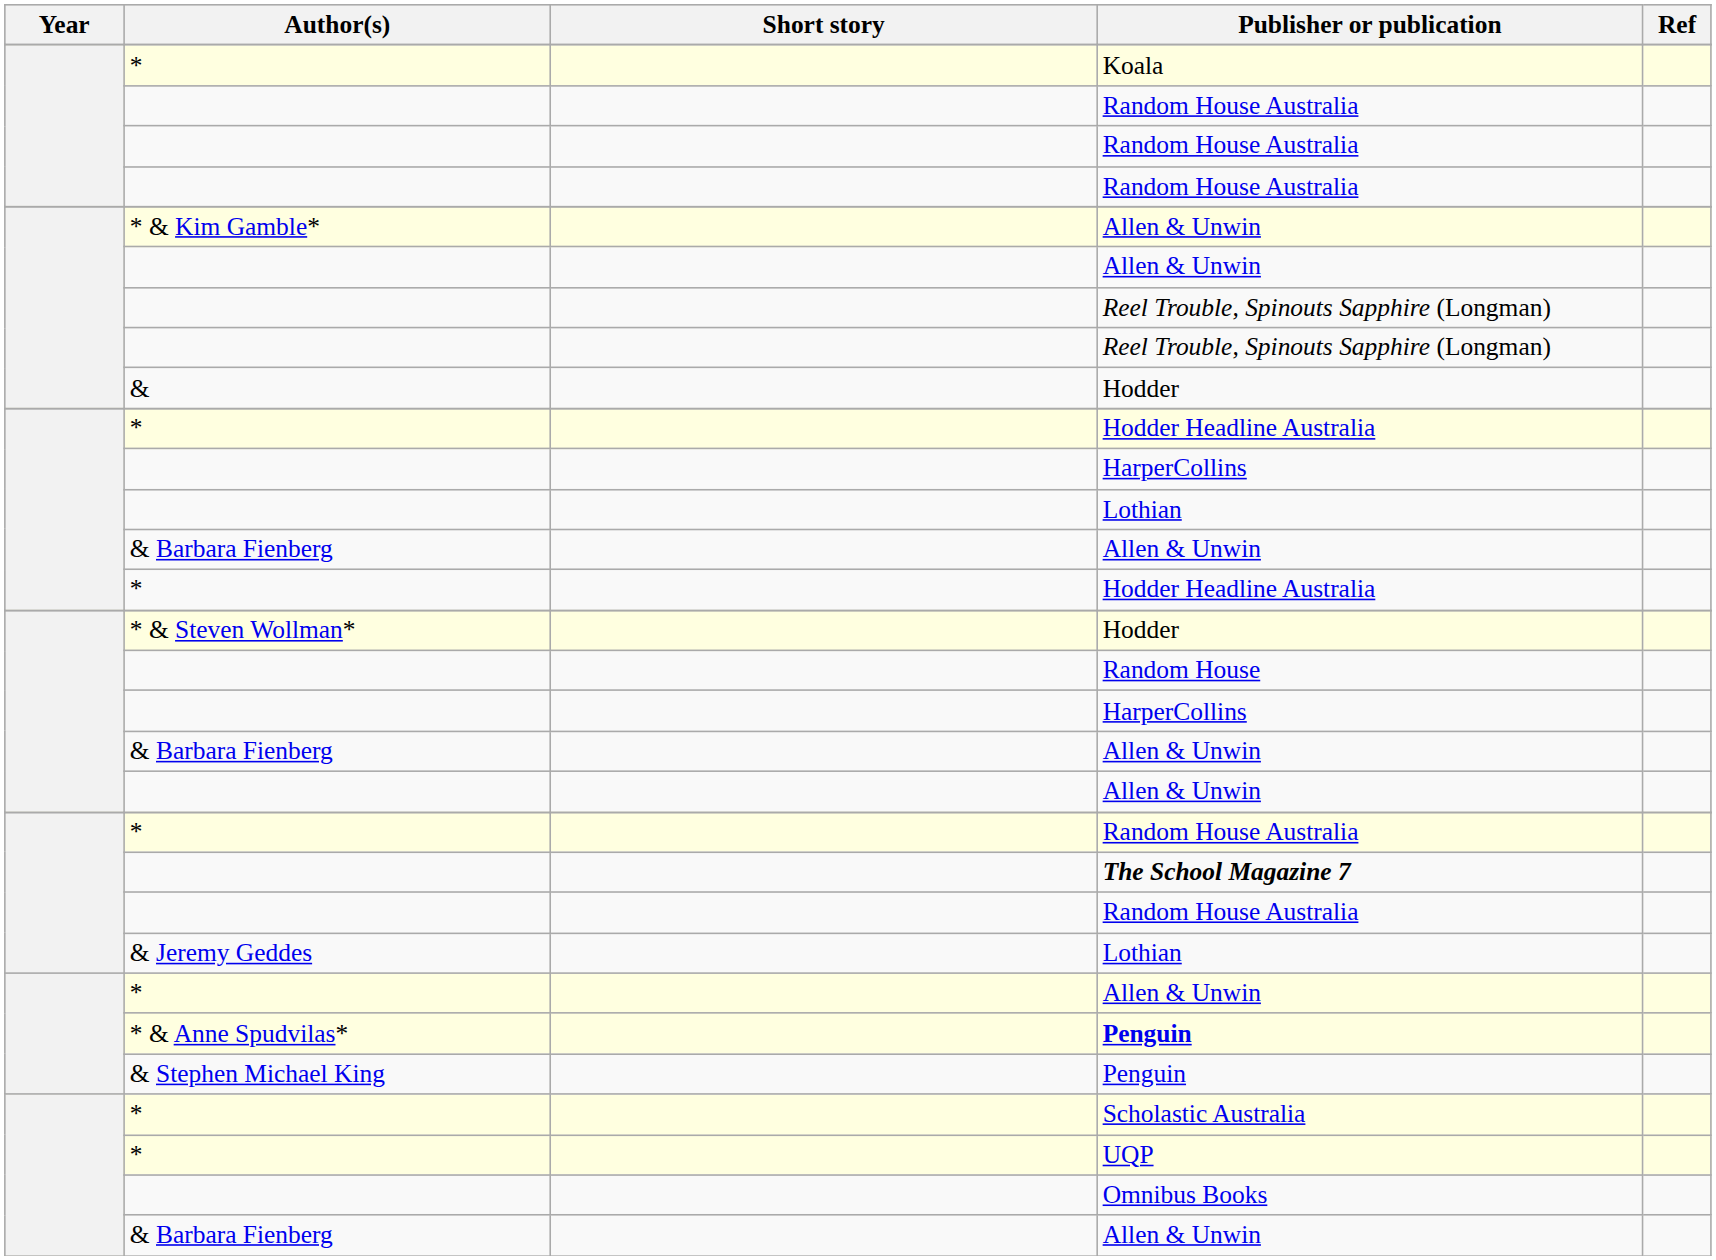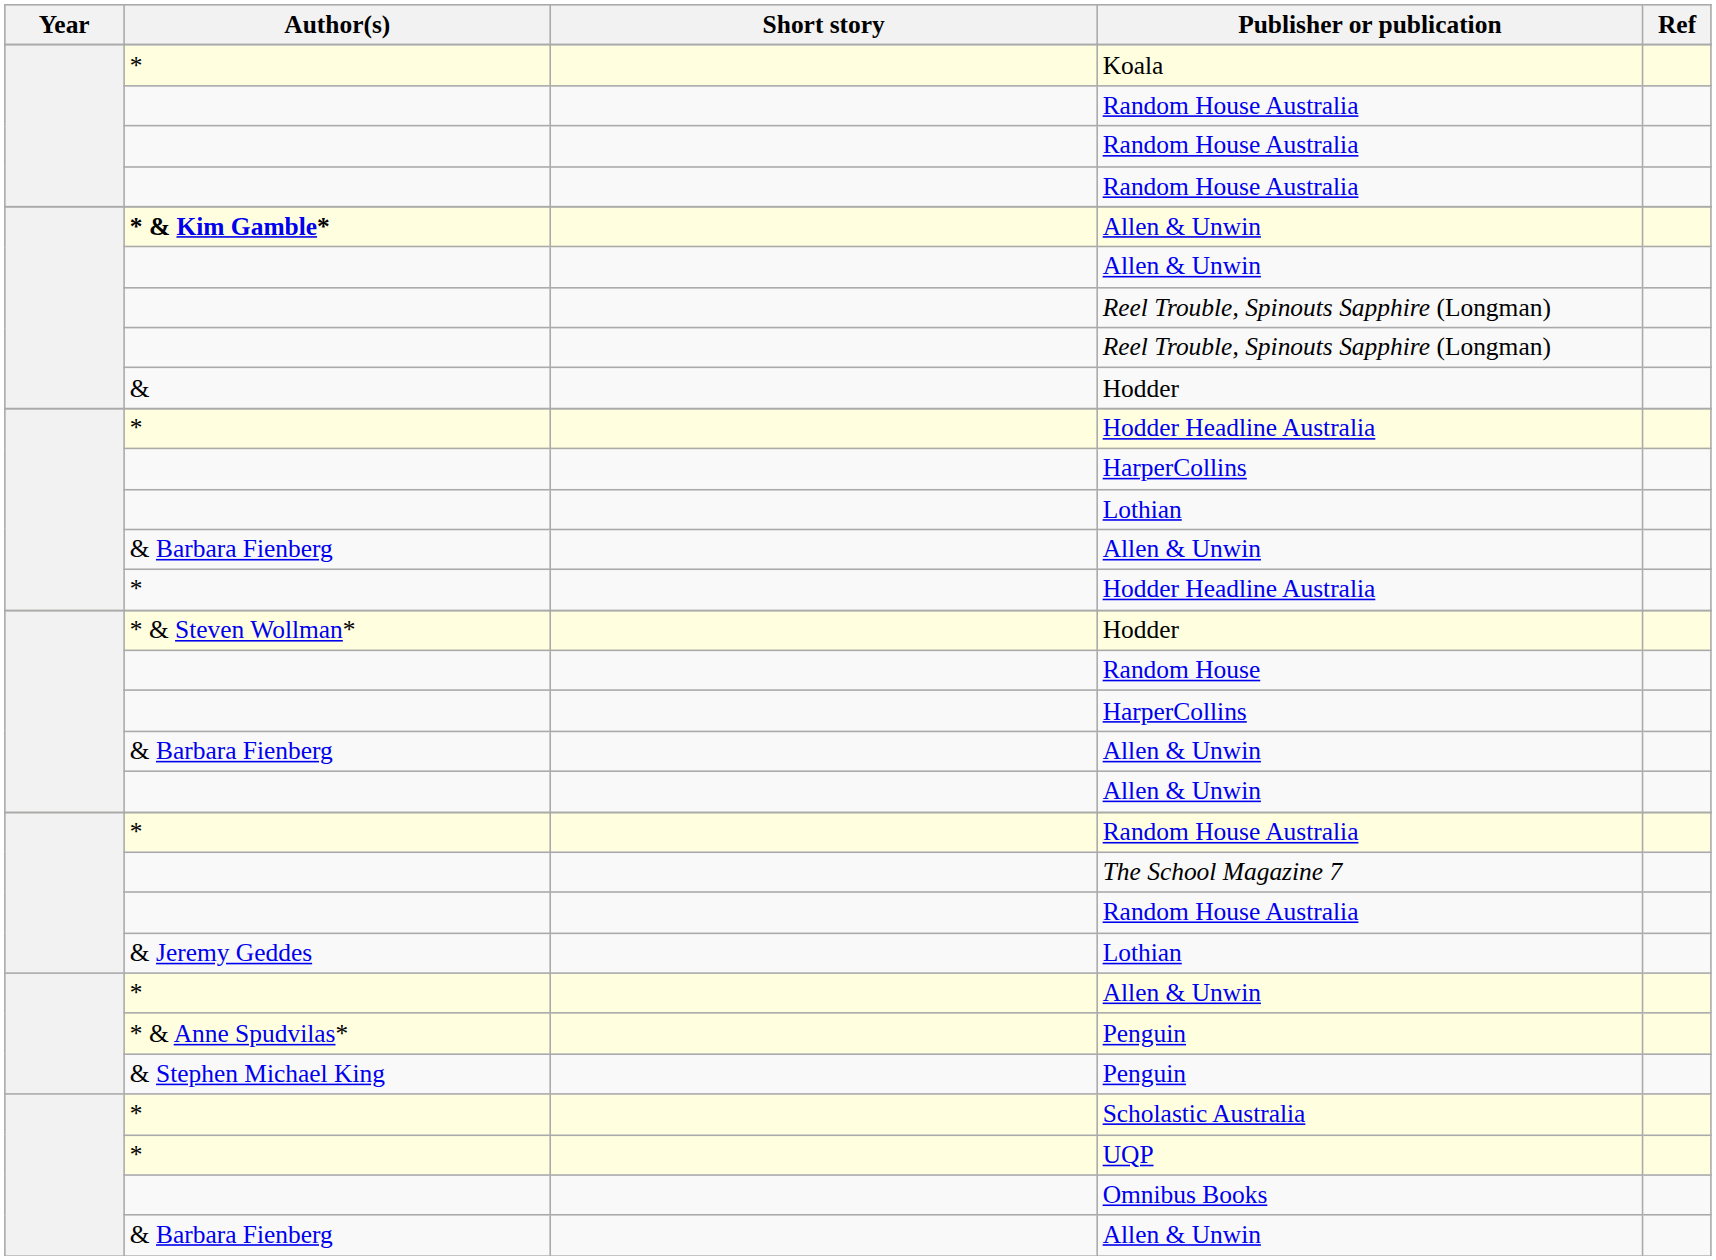 <table class="sortable wikitable" width="85%" style="margin: 1em auto 1em auto">
 <tr>
 <th width="7%">Year</th>
 <th width="25%">Author(s)</th>
 <th width="32%">Short story</th>
 <th width="32%">Publisher or publication</th>
 <th width="4%" class="unsortable">Ref</th>
 </tr>
 <tr>
 </tr>
 <tr style="background:lightyellow;">
 <th rowspan="4" align="center"></th>
 <td>*</td>
 <td><em></em></td>
 <td>Koala</td>
 <td></td>
 </tr>
 <tr>
 <td></td>
 <td><em></em></td>
 <td><a href='#'>Random House Australia</a></td>
 <td></td>
 </tr>
 <tr>
 <td></td>
 <td><em></em></td>
 <td><a href='#'>Random House Australia</a></td>
 <td></td>
 </tr>
 <tr>
 <td></td>
 <td><em></em></td>
 <td><a href='#'>Random House Australia</a></td>
 <td></td>
 </tr>
 <tr>
 </tr>
 <tr style="background:lightyellow;">
 <th rowspan="5" align="center"></th>
-<td>* & <a href='#'>Kim Gamble</a>*</td>
+<td><strong>* & <a href='#'>Kim Gamble</a>*</strong></td>
 <td><em></em></td>
 <td><a href='#'>Allen & Unwin</a></td>
 <td></td>
 </tr>
 <tr>
 <td></td>
 <td><em></em></td>
 <td><a href='#'>Allen & Unwin</a></td>
 <td></td>
 </tr>
 <tr>
 <td></td>
 <td><em></em></td>
 <td><em>Reel Trouble, Spinouts Sapphire</em> (Longman)</td>
 <td></td>
 </tr>
 <tr>
 <td></td>
 <td><em></em></td>
 <td><em>Reel Trouble, Spinouts Sapphire</em> (Longman)</td>
 <td></td>
 </tr>
 <tr>
 <td> & </td>
 <td><em></em></td>
 <td>Hodder</td>
 <td></td>
 </tr>
 <tr>
 </tr>
 <tr style="background:lightyellow;">
 <th rowspan="5" align="center"></th>
 <td>*</td>
 <td><em></em></td>
 <td><a href='#'>Hodder Headline Australia</a></td>
 <td></td>
 </tr>
 <tr>
 <td></td>
 <td><em></em></td>
 <td><a href='#'>HarperCollins</a></td>
 <td></td>
 </tr>
 <tr>
 <td></td>
 <td><em></em></td>
 <td><a href='#'>Lothian</a></td>
 <td></td>
 </tr>
 <tr>
 <td> & <a href='#'>Barbara Fienberg</a></td>
 <td><em></em></td>
 <td><a href='#'>Allen & Unwin</a></td>
 <td></td>
 </tr>
 <tr>
 <td>*</td>
 <td><em></em></td>
 <td><a href='#'>Hodder Headline Australia</a></td>
 <td></td>
 </tr>
 <tr>
 </tr>
 <tr style="background:lightyellow;">
 <th rowspan="5" align="center"></th>
 <td>* & <a href='#'>Steven Wollman</a>*</td>
 <td><em></em></td>
 <td>Hodder</td>
 <td></td>
 </tr>
 <tr>
 <td></td>
 <td><em></em></td>
 <td><a href='#'>Random House</a></td>
 <td></td>
 </tr>
 <tr>
 <td></td>
 <td><em></em></td>
 <td><a href='#'>HarperCollins</a></td>
 <td></td>
 </tr>
 <tr>
 <td> & <a href='#'>Barbara Fienberg</a></td>
 <td><em></em></td>
 <td><a href='#'>Allen & Unwin</a></td>
 <td></td>
 </tr>
 <tr>
 <td></td>
 <td><em></em></td>
 <td><a href='#'>Allen & Unwin</a></td>
 <td></td>
 </tr>
 <tr>
 </tr>
 <tr style="background:lightyellow;">
 <th rowspan="4" align="center"></th>
 <td>*</td>
 <td><em></em></td>
 <td><a href='#'>Random House Australia</a></td>
 <td></td>
 </tr>
 <tr>
 <td></td>
 <td><em></em></td>
-<td><strong><em>The School Magazine 7</em></strong></td>
+<td><em>The School Magazine 7</em></td>
 <td></td>
 </tr>
 <tr>
 <td></td>
 <td><em></em></td>
 <td><a href='#'>Random House Australia</a></td>
 <td></td>
 </tr>
 <tr>
 <td> & <a href='#'>Jeremy Geddes</a></td>
 <td><em></em></td>
 <td><a href='#'>Lothian</a></td>
 <td></td>
 </tr>
 <tr style="background:lightyellow;">
 <th rowspan="3" align="center"></th>
 <td>*</td>
 <td><em></em></td>
 <td><a href='#'>Allen & Unwin</a></td>
 <td></td>
 </tr>
 <tr style="background:lightyellow;">
 <td>* & <a href='#'>Anne Spudvilas</a>*</td>
 <td><em></em></td>
-<td><strong><a href='#'>Penguin</a></strong></td>
+<td><a href='#'>Penguin</a></td>
 <td></td>
 </tr>
 <tr>
 <td> & <a href='#'>Stephen Michael King</a></td>
 <td><em></em></td>
 <td><a href='#'>Penguin</a></td>
 <td></td>
 </tr>
 <tr style="background:lightyellow;">
 <th rowspan="4" align="center"></th>
 <td>*</td>
 <td><em></em></td>
 <td><a href='#'>Scholastic Australia</a></td>
 <td></td>
 </tr>
 <tr style="background:lightyellow;">
 <td>*</td>
 <td><em></em></td>
 <td><a href='#'>UQP</a></td>
 <td></td>
 </tr>
 <tr>
 <td></td>
 <td><em></em></td>
 <td><a href='#'>Omnibus Books</a></td>
 <td></td>
 </tr>
 <tr>
 <td> & <a href='#'>Barbara Fienberg</a></td>
 <td><em></em></td>
 <td><a href='#'>Allen & Unwin</a></td>
 <td></td>
 </tr>
 </table>
